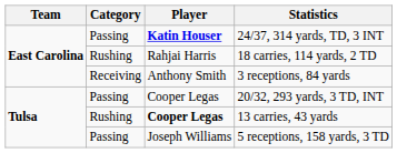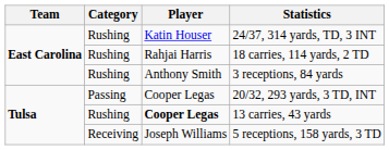 <table class="wikitable" style="float: right;">
 <tr>
 <th>Team</th>
 <th>Category</th>
 <th>Player</th>
 <th>Statistics</th>
 </tr>
 <tr>
 <td rowspan=3><strong>East Carolina</strong></td>
-<td>Passing</td>
-<td><strong><a href='#'>Katin Houser</a></strong></td>
+<td>Rushing</td>
+<td><a href='#'>Katin Houser</a></td>
 <td>24/37, 314 yards, TD, 3 INT</td>
 </tr>
 <tr>
 <td>Rushing</td>
 <td>Rahjai Harris</td>
 <td>18 carries, 114 yards, 2 TD</td>
 </tr>
 <tr>
-<td>Receiving</td>
+<td>Rushing</td>
 <td>Anthony Smith</td>
 <td>3 receptions, 84 yards</td>
 </tr>
 <tr>
 <td rowspan=3><strong>Tulsa</strong></td>
 <td>Passing</td>
 <td>Cooper Legas</td>
 <td>20/32, 293 yards, 3 TD, INT</td>
 </tr>
 <tr>
 <td>Rushing</td>
 <td><strong>Cooper Legas</strong></td>
 <td>13 carries, 43 yards</td>
 </tr>
 <tr>
-<td>Passing</td>
+<td>Receiving</td>
 <td>Joseph Williams</td>
 <td>5 receptions, 158 yards, 3 TD</td>
 </tr>
 </table>
